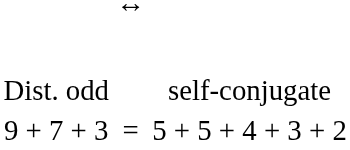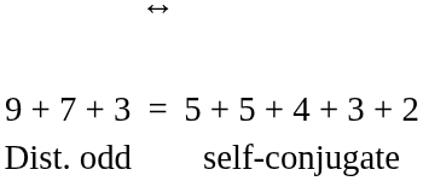 <table>
 <tr>
 <td valign="top"><br> <br>  <br> </td>
 <td style="vertical-align:middle;">↔</td>
 <td valign="top"><br><br><br><br></td>
 </tr>
 <tr style="vertical-align:top; text-align:center;">
+<td>9 + 7 + 3</td>
+<td>=</td>
+<td>5 + 5 + 4 + 3 + 2</td>
+</tr>
+<tr style="vertical-align:top; text-align:center;">
 <td>Dist. odd</td>
 <td></td>
 <td>self-conjugate</td>
 </tr>
-<tr style="vertical-align:top; text-align:center;">
-<td>9 + 7 + 3</td>
-<td>=</td>
-<td>5 + 5 + 4 + 3 + 2</td>
-</tr>
 </table>
